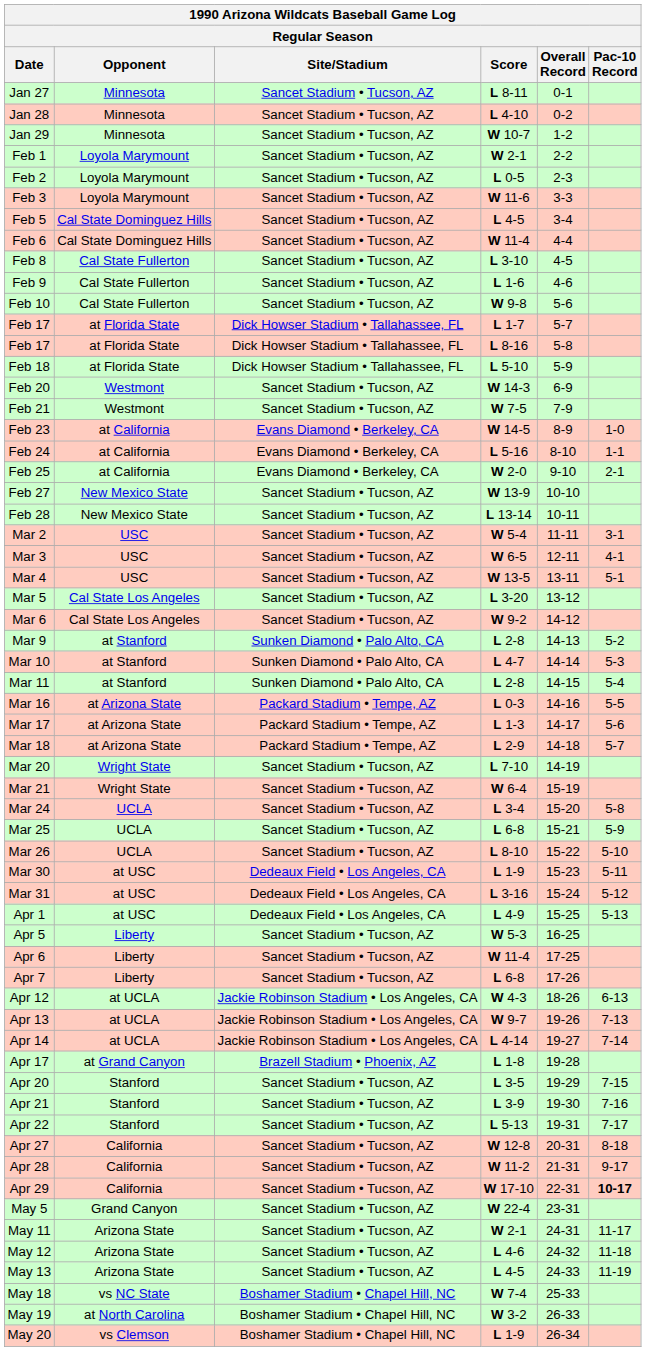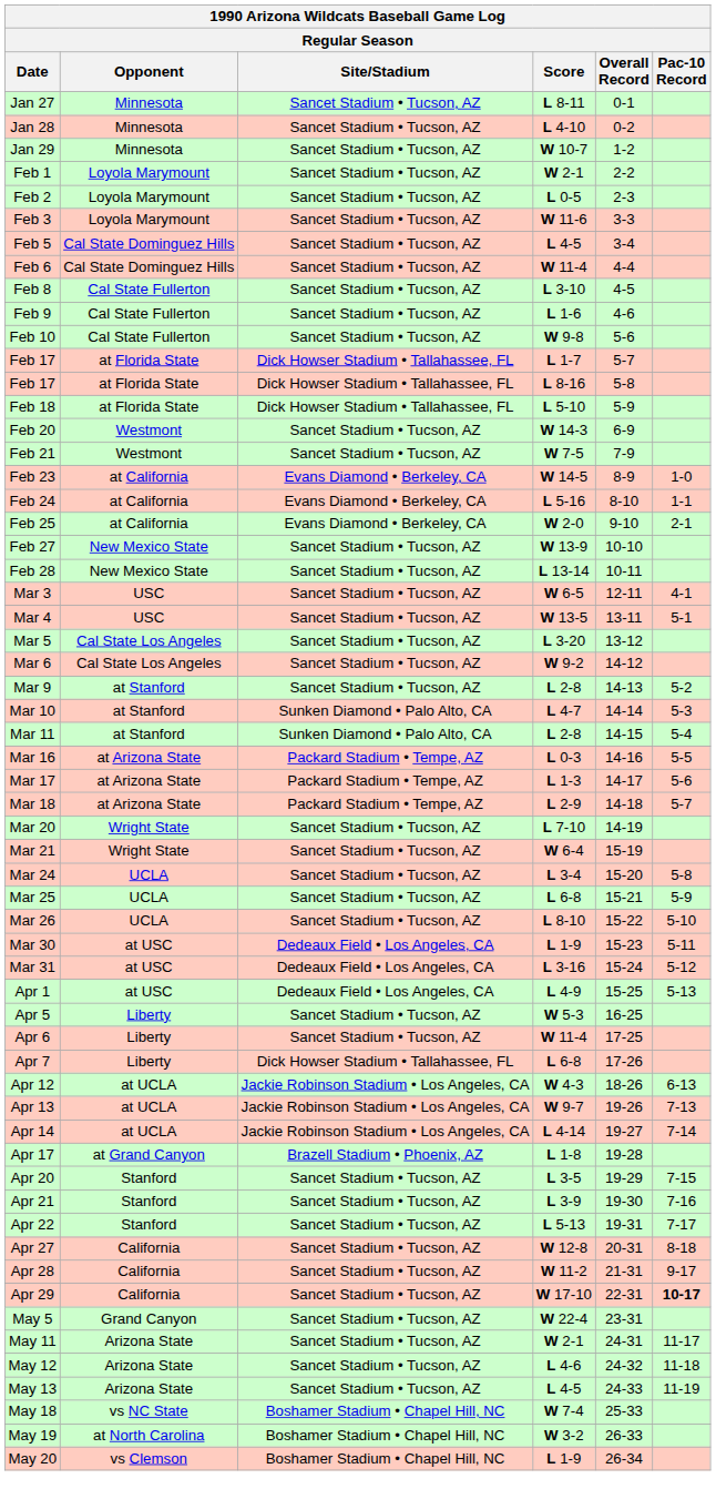 <table class="wikitable">
 <tr>
 <th colspan="6">1990 Arizona Wildcats Baseball Game Log</th>
 </tr>
 <tr>
 <th colspan="6">Regular Season</th>
 </tr>
 <tr>
 <th>Date</th>
 <th>Opponent</th>
 <th>Site/Stadium</th>
 <th>Score</th>
 <th>Overall<br>Record</th>
 <th>Pac-10<br>Record</th>
 </tr>
 <tr bgcolor="ccffcc" align="center">
 <td>Jan 27</td>
 <td><a href='#'>Minnesota</a></td>
 <td><a href='#'>Sancet Stadium</a> • <a href='#'>Tucson, AZ</a></td>
 <td><strong>L</strong> 8-11</td>
 <td>0-1</td>
 <td></td>
 </tr>
 <tr bgcolor="ffccc" align="center">
 <td>Jan 28</td>
 <td>Minnesota</td>
 <td>Sancet Stadium • Tucson, AZ</td>
 <td><strong>L</strong> 4-10</td>
 <td>0-2</td>
 <td></td>
 </tr>
 <tr bgcolor="ccffcc" align="center">
 <td>Jan 29</td>
 <td>Minnesota</td>
 <td>Sancet Stadium • Tucson, AZ</td>
 <td><strong>W</strong> 10-7</td>
 <td>1-2</td>
 <td></td>
 </tr>
 <tr bgcolor="ccffcc" align="center">
 <td>Feb 1</td>
 <td><a href='#'>Loyola Marymount</a></td>
 <td>Sancet Stadium • Tucson, AZ</td>
 <td><strong>W</strong> 2-1</td>
 <td>2-2</td>
 <td></td>
 </tr>
 <tr bgcolor="ccffcc" align="center">
 <td>Feb 2</td>
 <td>Loyola Marymount</td>
 <td>Sancet Stadium • Tucson, AZ</td>
 <td><strong>L</strong> 0-5</td>
 <td>2-3</td>
 <td></td>
 </tr>
 <tr bgcolor="ffccc" align="center">
 <td>Feb 3</td>
 <td>Loyola Marymount</td>
 <td>Sancet Stadium • Tucson, AZ</td>
 <td><strong>W</strong> 11-6</td>
 <td>3-3</td>
 <td></td>
 </tr>
 <tr bgcolor="ffccc" align="center">
 <td>Feb 5</td>
 <td><a href='#'>Cal State Dominguez Hills</a></td>
 <td>Sancet Stadium • Tucson, AZ</td>
 <td><strong>L</strong> 4-5</td>
 <td>3-4</td>
 <td></td>
 </tr>
 <tr bgcolor="ffccc" align="center">
 <td>Feb 6</td>
 <td>Cal State Dominguez Hills</td>
 <td>Sancet Stadium • Tucson, AZ</td>
 <td><strong>W</strong> 11-4</td>
 <td>4-4</td>
 <td></td>
 </tr>
 <tr bgcolor="ccffcc" align="center">
 <td>Feb 8</td>
 <td><a href='#'>Cal State Fullerton</a></td>
 <td>Sancet Stadium • Tucson, AZ</td>
 <td><strong>L</strong> 3-10</td>
 <td>4-5</td>
 <td></td>
 </tr>
 <tr bgcolor="ccffcc" align="center">
 <td>Feb 9</td>
 <td>Cal State Fullerton</td>
 <td>Sancet Stadium • Tucson, AZ</td>
 <td><strong>L</strong> 1-6</td>
 <td>4-6</td>
 <td></td>
 </tr>
 <tr bgcolor="ccffcc" align="center">
 <td>Feb 10</td>
 <td>Cal State Fullerton</td>
 <td>Sancet Stadium • Tucson, AZ</td>
 <td><strong>W</strong> 9-8</td>
 <td>5-6</td>
 <td></td>
 </tr>
 <tr bgcolor="ffccc" align="center">
 <td>Feb 17</td>
 <td>at <a href='#'>Florida State</a></td>
 <td><a href='#'>Dick Howser Stadium</a> • <a href='#'>Tallahassee, FL</a></td>
 <td><strong>L</strong> 1-7</td>
 <td>5-7</td>
 <td></td>
 </tr>
 <tr bgcolor="ffccc" align="center">
 <td>Feb 17</td>
 <td>at Florida State</td>
 <td>Dick Howser Stadium • Tallahassee, FL</td>
 <td><strong>L</strong> 8-16</td>
 <td>5-8</td>
 <td></td>
 </tr>
 <tr bgcolor="ccffcc" align="center">
 <td>Feb 18</td>
 <td>at Florida State</td>
 <td>Dick Howser Stadium • Tallahassee, FL</td>
 <td><strong>L</strong> 5-10</td>
 <td>5-9</td>
 <td></td>
 </tr>
 <tr bgcolor="ccffcc" align="center">
 <td>Feb 20</td>
 <td><a href='#'>Westmont</a></td>
 <td>Sancet Stadium • Tucson, AZ</td>
 <td><strong>W</strong> 14-3</td>
 <td>6-9</td>
 <td></td>
 </tr>
 <tr bgcolor="ccffcc" align="center">
 <td>Feb 21</td>
 <td>Westmont</td>
 <td>Sancet Stadium • Tucson, AZ</td>
 <td><strong>W</strong> 7-5</td>
 <td>7-9</td>
 <td></td>
 </tr>
 <tr bgcolor="ffccc" align="center">
 <td>Feb 23</td>
 <td>at <a href='#'>California</a></td>
 <td><a href='#'>Evans Diamond</a> • <a href='#'>Berkeley, CA</a></td>
 <td><strong>W</strong> 14-5</td>
 <td>8-9</td>
 <td>1-0</td>
 </tr>
 <tr bgcolor="ffccc" align="center">
 <td>Feb 24</td>
 <td>at California</td>
 <td>Evans Diamond • Berkeley, CA</td>
 <td><strong>L</strong> 5-16</td>
 <td>8-10</td>
 <td>1-1</td>
 </tr>
 <tr bgcolor="ccffcc" align="center">
 <td>Feb 25</td>
 <td>at California</td>
 <td>Evans Diamond • Berkeley, CA</td>
 <td><strong>W</strong> 2-0</td>
 <td>9-10</td>
 <td>2-1</td>
 </tr>
 <tr bgcolor="ccffcc" align="center">
 <td>Feb 27</td>
 <td><a href='#'>New Mexico State</a></td>
 <td>Sancet Stadium • Tucson, AZ</td>
 <td><strong>W</strong> 13-9</td>
 <td>10-10</td>
 <td></td>
 </tr>
 <tr bgcolor="ccffcc" align="center">
 <td>Feb 28</td>
 <td>New Mexico State</td>
 <td>Sancet Stadium • Tucson, AZ</td>
 <td><strong>L</strong> 13-14</td>
 <td>10-11</td>
 <td></td>
 </tr>
 <tr bgcolor="ffccc" align="center">
-<td>Mar 2</td>
-<td><a href='#'>USC</a></td>
-<td>Sancet Stadium • Tucson, AZ</td>
-<td><strong>W</strong> 5-4</td>
-<td>11-11</td>
-<td>3-1</td>
-</tr>
-<tr bgcolor="ffccc" align="center">
 <td>Mar 3</td>
 <td>USC</td>
 <td>Sancet Stadium • Tucson, AZ</td>
 <td><strong>W</strong> 6-5</td>
 <td>12-11</td>
 <td>4-1</td>
 </tr>
 <tr bgcolor="ffccc" align="center">
 <td>Mar 4</td>
 <td>USC</td>
 <td>Sancet Stadium • Tucson, AZ</td>
 <td><strong>W</strong> 13-5</td>
 <td>13-11</td>
 <td>5-1</td>
 </tr>
 <tr bgcolor="ccffcc" align="center">
 <td>Mar 5</td>
 <td><a href='#'>Cal State Los Angeles</a></td>
 <td>Sancet Stadium • Tucson, AZ</td>
 <td><strong>L</strong> 3-20</td>
 <td>13-12</td>
 <td></td>
 </tr>
 <tr bgcolor="ffccc" align="center">
 <td>Mar 6</td>
 <td>Cal State Los Angeles</td>
 <td>Sancet Stadium • Tucson, AZ</td>
 <td><strong>W</strong> 9-2</td>
 <td>14-12</td>
 <td></td>
 </tr>
 <tr bgcolor="ccffcc" align="center">
 <td>Mar 9</td>
 <td>at <a href='#'>Stanford</a></td>
-<td><a href='#'>Sunken Diamond</a> • <a href='#'>Palo Alto, CA</a></td>
+<td>Sancet Stadium • Tucson, AZ</td>
 <td><strong>L</strong> 2-8</td>
 <td>14-13</td>
 <td>5-2</td>
 </tr>
 <tr bgcolor="ffccc" align="center">
 <td>Mar 10</td>
 <td>at Stanford</td>
 <td>Sunken Diamond • Palo Alto, CA</td>
 <td><strong>L</strong> 4-7</td>
 <td>14-14</td>
 <td>5-3</td>
 </tr>
 <tr bgcolor="ccffcc" align="center">
 <td>Mar 11</td>
 <td>at Stanford</td>
 <td>Sunken Diamond • Palo Alto, CA</td>
 <td><strong>L</strong> 2-8</td>
 <td>14-15</td>
 <td>5-4</td>
 </tr>
 <tr bgcolor="ffccc" align="center">
 <td>Mar 16</td>
 <td>at <a href='#'>Arizona State</a></td>
 <td><a href='#'>Packard Stadium</a> • <a href='#'>Tempe, AZ</a></td>
 <td><strong>L</strong> 0-3</td>
 <td>14-16</td>
 <td>5-5</td>
 </tr>
 <tr bgcolor="ffccc" align="center">
 <td>Mar 17</td>
 <td>at Arizona State</td>
 <td>Packard Stadium • Tempe, AZ</td>
 <td><strong>L</strong> 1-3</td>
 <td>14-17</td>
 <td>5-6</td>
 </tr>
 <tr bgcolor="ffccc" align="center">
 <td>Mar 18</td>
 <td>at Arizona State</td>
 <td>Packard Stadium • Tempe, AZ</td>
 <td><strong>L</strong> 2-9</td>
 <td>14-18</td>
 <td>5-7</td>
 </tr>
 <tr bgcolor="ccffcc" align="center">
 <td>Mar 20</td>
 <td><a href='#'>Wright State</a></td>
 <td>Sancet Stadium • Tucson, AZ</td>
 <td><strong>L</strong> 7-10</td>
 <td>14-19</td>
 <td></td>
 </tr>
 <tr bgcolor="ffccc" align="center">
 <td>Mar 21</td>
 <td>Wright State</td>
 <td>Sancet Stadium • Tucson, AZ</td>
 <td><strong>W</strong> 6-4</td>
 <td>15-19</td>
 <td></td>
 </tr>
 <tr bgcolor="ffccc" align="center">
 <td>Mar 24</td>
 <td><a href='#'>UCLA</a></td>
 <td>Sancet Stadium • Tucson, AZ</td>
 <td><strong>L</strong> 3-4</td>
 <td>15-20</td>
 <td>5-8</td>
 </tr>
 <tr bgcolor="ccffcc" align="center">
 <td>Mar 25</td>
 <td>UCLA</td>
 <td>Sancet Stadium • Tucson, AZ</td>
 <td><strong>L</strong> 6-8</td>
 <td>15-21</td>
 <td>5-9</td>
 </tr>
 <tr bgcolor="ffccc" align="center">
 <td>Mar 26</td>
 <td>UCLA</td>
 <td>Sancet Stadium • Tucson, AZ</td>
 <td><strong>L</strong> 8-10</td>
 <td>15-22</td>
 <td>5-10</td>
 </tr>
 <tr bgcolor="ffccc" align="center">
 <td>Mar 30</td>
 <td>at USC</td>
 <td><a href='#'>Dedeaux Field</a> • <a href='#'>Los Angeles, CA</a></td>
 <td><strong>L</strong> 1-9</td>
 <td>15-23</td>
 <td>5-11</td>
 </tr>
 <tr bgcolor="ffccc" align="center">
 <td>Mar 31</td>
 <td>at USC</td>
 <td>Dedeaux Field • Los Angeles, CA</td>
 <td><strong>L</strong> 3-16</td>
 <td>15-24</td>
 <td>5-12</td>
 </tr>
 <tr bgcolor="ccffcc" align="center">
 <td>Apr 1</td>
 <td>at USC</td>
 <td>Dedeaux Field • Los Angeles, CA</td>
 <td><strong>L</strong> 4-9</td>
 <td>15-25</td>
 <td>5-13</td>
 </tr>
 <tr bgcolor="ccffcc" align="center">
 <td>Apr 5</td>
 <td><a href='#'>Liberty</a></td>
 <td>Sancet Stadium • Tucson, AZ</td>
 <td><strong>W</strong> 5-3</td>
 <td>16-25</td>
 <td></td>
 </tr>
 <tr bgcolor="ffccc" align="center">
 <td>Apr 6</td>
 <td>Liberty</td>
 <td>Sancet Stadium • Tucson, AZ</td>
 <td><strong>W</strong> 11-4</td>
 <td>17-25</td>
 <td></td>
 </tr>
 <tr bgcolor="ffccc" align="center">
 <td>Apr 7</td>
 <td>Liberty</td>
-<td>Sancet Stadium • Tucson, AZ</td>
+<td>Dick Howser Stadium • Tallahassee, FL</td>
 <td><strong>L</strong> 6-8</td>
 <td>17-26</td>
 <td></td>
 </tr>
 <tr bgcolor="ccffcc" align="center">
 <td>Apr 12</td>
 <td>at UCLA</td>
 <td><a href='#'>Jackie Robinson Stadium</a> • Los Angeles, CA</td>
 <td><strong>W</strong> 4-3</td>
 <td>18-26</td>
 <td>6-13</td>
 </tr>
 <tr bgcolor="ffccc" align="center">
 <td>Apr 13</td>
 <td>at UCLA</td>
 <td>Jackie Robinson Stadium • Los Angeles, CA</td>
 <td><strong>W</strong> 9-7</td>
 <td>19-26</td>
 <td>7-13</td>
 </tr>
 <tr bgcolor="ffccc" align="center">
 <td>Apr 14</td>
 <td>at UCLA</td>
 <td>Jackie Robinson Stadium • Los Angeles, CA</td>
 <td><strong>L</strong> 4-14</td>
 <td>19-27</td>
 <td>7-14</td>
 </tr>
 <tr bgcolor="ccffcc" align="center">
 <td>Apr 17</td>
 <td>at <a href='#'>Grand Canyon</a></td>
 <td><a href='#'>Brazell Stadium</a> • <a href='#'>Phoenix, AZ</a></td>
 <td><strong>L</strong> 1-8</td>
 <td>19-28</td>
 <td></td>
 </tr>
 <tr bgcolor="ccffcc" align="center">
 <td>Apr 20</td>
 <td>Stanford</td>
 <td>Sancet Stadium • Tucson, AZ</td>
 <td><strong>L</strong> 3-5</td>
 <td>19-29</td>
 <td>7-15</td>
 </tr>
 <tr bgcolor="ccffcc" align="center">
 <td>Apr 21</td>
 <td>Stanford</td>
 <td>Sancet Stadium • Tucson, AZ</td>
 <td><strong>L</strong> 3-9</td>
 <td>19-30</td>
 <td>7-16</td>
 </tr>
 <tr bgcolor="ccffcc" align="center">
 <td>Apr 22</td>
 <td>Stanford</td>
 <td>Sancet Stadium • Tucson, AZ</td>
 <td><strong>L</strong> 5-13</td>
 <td>19-31</td>
 <td>7-17</td>
 </tr>
 <tr bgcolor="ffccc" align="center">
 <td>Apr 27</td>
 <td>California</td>
 <td>Sancet Stadium • Tucson, AZ</td>
 <td><strong>W</strong> 12-8</td>
 <td>20-31</td>
 <td>8-18</td>
 </tr>
 <tr bgcolor="ffccc" align="center">
 <td>Apr 28</td>
 <td>California</td>
 <td>Sancet Stadium • Tucson, AZ</td>
 <td><strong>W</strong> 11-2</td>
 <td>21-31</td>
 <td>9-17</td>
 </tr>
 <tr bgcolor="ffccc" align="center">
 <td>Apr 29</td>
 <td>California</td>
 <td>Sancet Stadium • Tucson, AZ</td>
 <td><strong>W</strong> 17-10</td>
 <td>22-31</td>
 <td><strong>10-17</strong></td>
 </tr>
 <tr bgcolor="ccffcc" align="center">
 <td>May 5</td>
 <td>Grand Canyon</td>
 <td>Sancet Stadium • Tucson, AZ</td>
 <td><strong>W</strong> 22-4</td>
 <td>23-31</td>
 <td></td>
 </tr>
 <tr bgcolor="ccffcc" align="center">
 <td>May 11</td>
 <td>Arizona State</td>
 <td>Sancet Stadium • Tucson, AZ</td>
 <td><strong>W</strong> 2-1</td>
 <td>24-31</td>
 <td>11-17</td>
 </tr>
 <tr bgcolor="ccffcc" align="center">
 <td>May 12</td>
 <td>Arizona State</td>
 <td>Sancet Stadium • Tucson, AZ</td>
 <td><strong>L</strong> 4-6</td>
 <td>24-32</td>
 <td>11-18</td>
 </tr>
 <tr bgcolor="ccffcc" align="center">
 <td>May 13</td>
 <td>Arizona State</td>
 <td>Sancet Stadium • Tucson, AZ</td>
 <td><strong>L</strong> 4-5</td>
 <td>24-33</td>
 <td>11-19</td>
 </tr>
 <tr bgcolor="ccffcc" align="center">
 <td>May 18</td>
 <td>vs <a href='#'>NC State</a></td>
 <td><a href='#'>Boshamer Stadium</a> • <a href='#'>Chapel Hill, NC</a></td>
 <td><strong>W</strong> 7-4</td>
 <td>25-33</td>
 <td></td>
 </tr>
 <tr bgcolor="ccffcc" align="center">
 <td>May 19</td>
 <td>at <a href='#'>North Carolina</a></td>
 <td>Boshamer Stadium • Chapel Hill, NC</td>
 <td><strong>W</strong> 3-2</td>
 <td>26-33</td>
 <td></td>
 </tr>
 <tr bgcolor="ffccc" align="center">
 <td>May 20</td>
 <td>vs <a href='#'>Clemson</a></td>
 <td>Boshamer Stadium • Chapel Hill, NC</td>
 <td><strong>L</strong> 1-9</td>
 <td>26-34</td>
 <td></td>
 </tr>
 </table>
